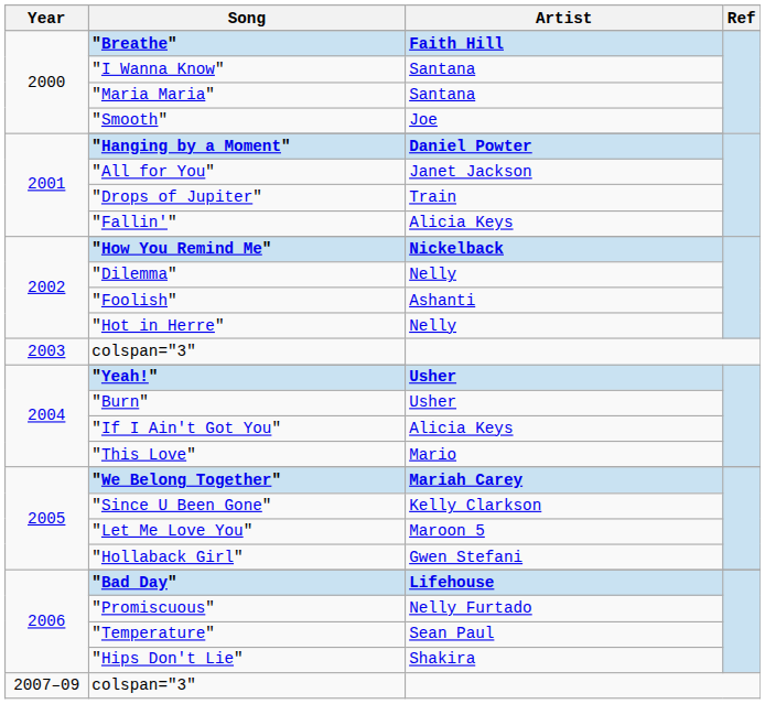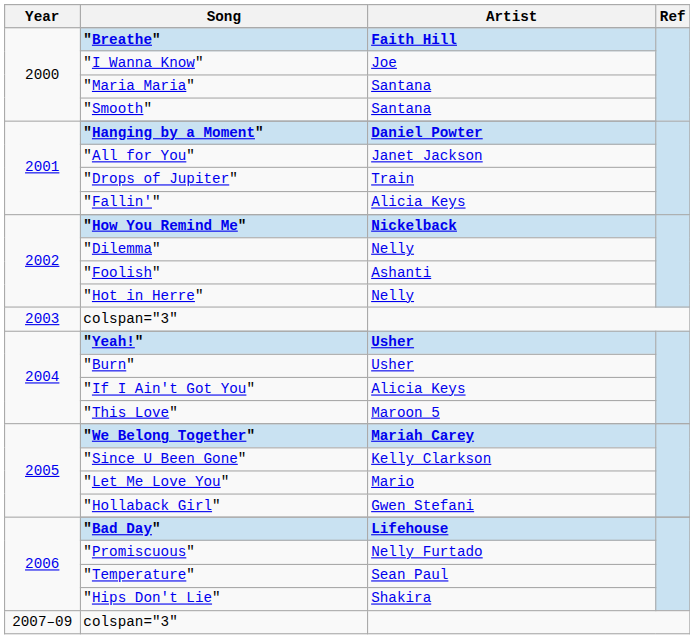 <table class="wikitable" style="width:100%;">
 <tr style="background:#bebebe;">
 <th style="width:11%;">Year</th>
 <th style="width:42%;">Song</th>
 <th style="width:42%;">Artist</th>
 <th style="width:5%;">Ref</th>
 </tr>
 <tr>
 <td rowspan="5" align="center">2000</td>
 </tr>
 <tr style="background:#c9e2f2">
 <td><strong>"<a href='#'>Breathe</a>"</strong></td>
 <td><strong><a href='#'>Faith Hill</a></strong></td>
 <td rowspan="5" align="center"></td>
 </tr>
 <tr>
 <td>"<a href='#'>I Wanna Know</a>"</td>
-<td><a href='#'>Santana</a> </td>
+<td><a href='#'>Joe</a></td>
 </tr>
 <tr>
 <td>"<a href='#'>Maria Maria</a>"</td>
 <td><a href='#'>Santana</a> </td>
 </tr>
 <tr>
 <td>"<a href='#'>Smooth</a>"</td>
-<td><a href='#'>Joe</a></td>
+<td><a href='#'>Santana</a> </td>
 </tr>
 <tr>
 <td rowspan="5" align="center"><a href='#'>2001</a></td>
 </tr>
 <tr style="background:#c9e2f2">
 <td><strong>"<a href='#'>Hanging by a Moment</a>"</strong></td>
 <td><strong><a href='#'>Daniel Powter</a></strong></td>
 <td rowspan="5" align="center"></td>
 </tr>
 <tr>
 <td>"<a href='#'>All for You</a>"</td>
 <td><a href='#'>Janet Jackson</a></td>
 </tr>
 <tr>
 <td>"<a href='#'>Drops of Jupiter</a>"</td>
 <td><a href='#'>Train</a></td>
 </tr>
 <tr>
 <td>"<a href='#'>Fallin'</a>"</td>
 <td><a href='#'>Alicia Keys</a></td>
 </tr>
 <tr>
 <td rowspan="5" align="center"><a href='#'>2002</a></td>
 </tr>
 <tr style="background:#c9e2f2">
 <td><strong>"<a href='#'>How You Remind Me</a>"</strong></td>
 <td><strong><a href='#'>Nickelback</a></strong></td>
 <td rowspan="4" align="center"></td>
 </tr>
 <tr>
 <td>"<a href='#'>Dilemma</a>"</td>
 <td><a href='#'>Nelly</a> </td>
 </tr>
 <tr>
 <td>"<a href='#'>Foolish</a>"</td>
 <td><a href='#'>Ashanti</a></td>
 </tr>
 <tr>
 <td>"<a href='#'>Hot in Herre</a>"</td>
 <td><a href='#'>Nelly</a></td>
 </tr>
 <tr>
 <td align="center"><a href='#'>2003</a></td>
 <td>colspan="3" </td>
 </tr>
 <tr>
 <td rowspan="5" align="center"><a href='#'>2004</a></td>
 </tr>
 <tr style="background:#c9e2f2">
 <td><strong>"<a href='#'>Yeah!</a>"</strong></td>
 <td><strong><a href='#'>Usher</a> </strong></td>
 <td rowspan="4" align="center"></td>
 </tr>
 <tr>
 <td>"<a href='#'>Burn</a>"</td>
 <td><a href='#'>Usher</a></td>
 </tr>
 <tr>
 <td>"<a href='#'>If I Ain't Got You</a>"</td>
 <td><a href='#'>Alicia Keys</a></td>
 </tr>
 <tr>
 <td>"<a href='#'>This Love</a>"</td>
-<td><a href='#'>Mario</a></td>
+<td><a href='#'>Maroon 5</a></td>
 </tr>
 <tr>
 <td rowspan="5" align="center"><a href='#'>2005</a></td>
 </tr>
 <tr style="background:#c9e2f2">
 <td><strong>"<a href='#'>We Belong Together</a>"</strong></td>
 <td><strong><a href='#'>Mariah Carey</a></strong></td>
 <td rowspan="4" align="center"></td>
 </tr>
 <tr>
 <td>"<a href='#'>Since U Been Gone</a>"</td>
 <td><a href='#'>Kelly Clarkson</a></td>
 </tr>
 <tr>
 <td>"<a href='#'>Let Me Love You</a>"</td>
-<td><a href='#'>Maroon 5</a></td>
+<td><a href='#'>Mario</a></td>
 </tr>
 <tr>
 <td>"<a href='#'>Hollaback Girl</a>"</td>
 <td><a href='#'>Gwen Stefani</a></td>
 </tr>
 <tr>
 <td rowspan="5" align="center"><a href='#'>2006</a></td>
 </tr>
 <tr style="background:#c9e2f2">
 <td><strong>"<a href='#'>Bad Day</a>"</strong></td>
 <td><strong><a href='#'>Lifehouse</a></strong></td>
 <td rowspan="4" align="center"></td>
 </tr>
 <tr>
 <td>"<a href='#'>Promiscuous</a>"</td>
 <td><a href='#'>Nelly Furtado</a> </td>
 </tr>
 <tr>
 <td>"<a href='#'>Temperature</a>"</td>
 <td><a href='#'>Sean Paul</a></td>
 </tr>
 <tr>
 <td>"<a href='#'>Hips Don't Lie</a>"</td>
 <td><a href='#'>Shakira</a> </td>
 </tr>
 <tr>
 <td align="center">2007–09</td>
 <td>colspan="3" </td>
 </tr>
 </table>
